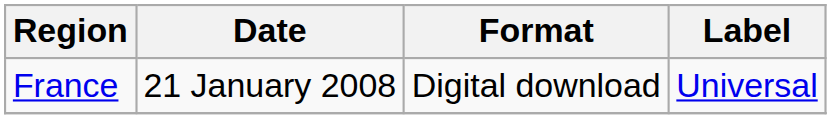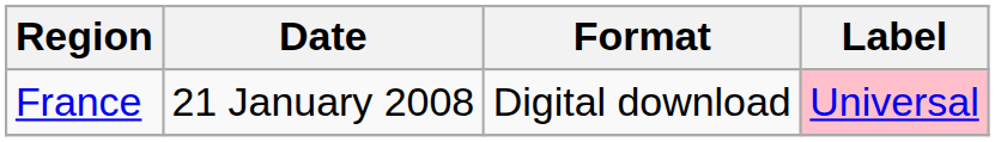 <table class=wikitable>
 <tr>
 <th>Region</th>
 <th>Date</th>
 <th>Format</th>
 <th>Label</th>
 </tr>
 <tr>
 <td><a href='#'>France</a></td>
 <td>21 January 2008</td>
 <td>Digital download</td>
-<td><a href='#'>Universal</a></td>
+<td style="background: pink;"><a href='#'>Universal</a></td>
 </tr>
 <tr>
 </tr>
 </table>
